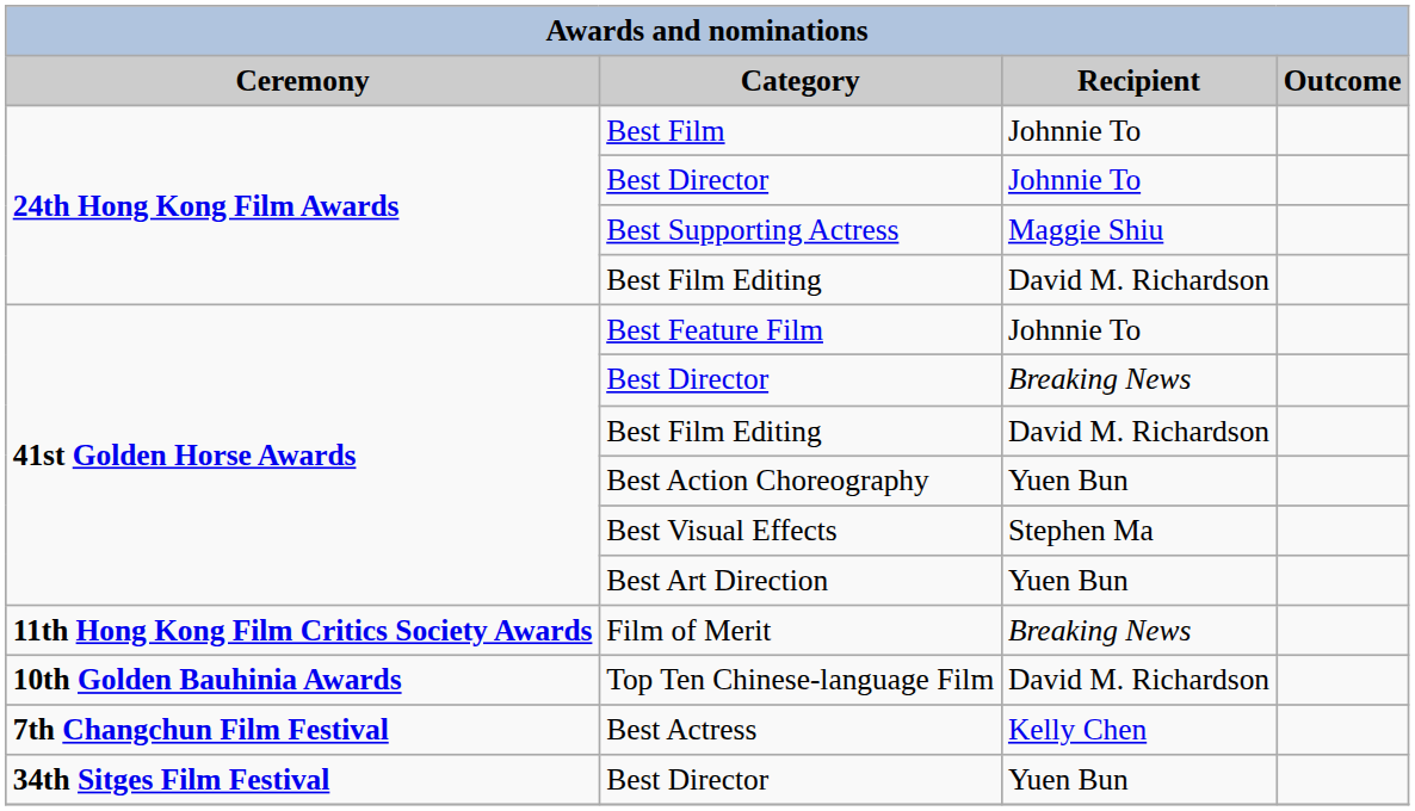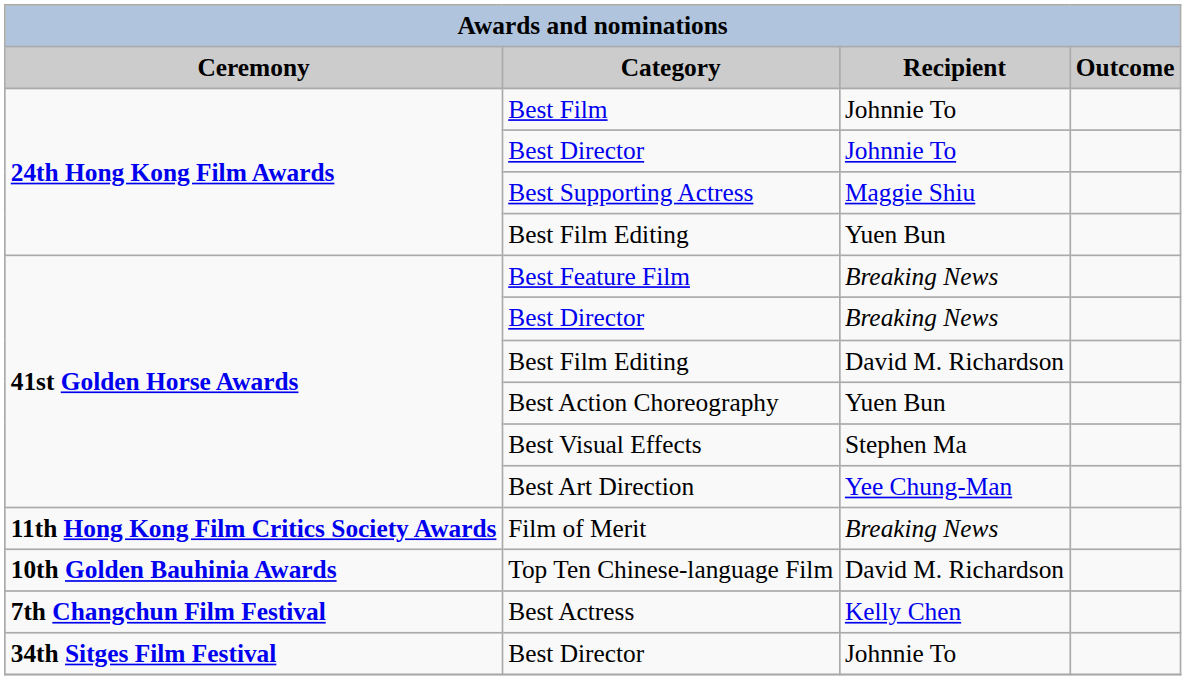 <table class="wikitable" style="font-size:95%;" ;>
 <tr style="background:#ccc; text-align:center;">
 <th colspan="4" style="background: LightSteelBlue;">Awards and nominations</th>
 </tr>
 <tr style="background:#ccc; text-align:center;">
 <th style="background:#ccc">Ceremony</th>
 <th style="background:#ccc">Category</th>
 <th style="background:#ccc">Recipient</th>
 <th style="background:#ccc">Outcome</th>
 </tr>
 <tr>
 <td rowspan=4><strong><a href='#'>24th Hong Kong Film Awards</a></strong></td>
 <td><a href='#'>Best Film</a></td>
 <td>Johnnie To</td>
 <td></td>
 </tr>
 <tr>
 <td><a href='#'>Best Director</a></td>
 <td><a href='#'>Johnnie To</a></td>
 <td></td>
 </tr>
 <tr>
 <td><a href='#'>Best Supporting Actress</a></td>
 <td><a href='#'>Maggie Shiu</a></td>
 <td></td>
 </tr>
 <tr>
 <td>Best Film Editing</td>
-<td>David M. Richardson</td>
+<td>Yuen Bun</td>
 <td></td>
 </tr>
 <tr>
 <td rowspan=6><strong>41st <a href='#'>Golden Horse Awards</a></strong></td>
 <td><a href='#'>Best Feature Film</a></td>
-<td>Johnnie To</td>
+<td><em>Breaking News</em></td>
 <td></td>
 </tr>
 <tr>
 <td><a href='#'>Best Director</a></td>
 <td><em>Breaking News</em></td>
 <td></td>
 </tr>
 <tr>
 <td>Best Film Editing</td>
 <td>David M. Richardson</td>
 <td></td>
 </tr>
 <tr>
 <td>Best Action Choreography</td>
 <td>Yuen Bun</td>
 <td></td>
 </tr>
 <tr>
 <td>Best Visual Effects</td>
 <td>Stephen Ma</td>
 <td></td>
 </tr>
 <tr>
 <td>Best Art Direction</td>
-<td>Yuen Bun</td>
+<td><a href='#'>Yee Chung-Man</a></td>
 <td></td>
 </tr>
 <tr>
 <td><strong>11th <a href='#'>Hong Kong Film Critics Society Awards</a></strong></td>
 <td>Film of Merit</td>
 <td><em>Breaking News</em></td>
 <td></td>
 </tr>
 <tr>
 <td><strong>10th <a href='#'>Golden Bauhinia Awards</a></strong></td>
 <td>Top Ten Chinese-language Film</td>
 <td>David M. Richardson</td>
 <td></td>
 </tr>
 <tr>
 <td><strong>7th <a href='#'>Changchun Film Festival</a></strong></td>
 <td>Best Actress</td>
 <td><a href='#'>Kelly Chen</a></td>
 <td></td>
 </tr>
 <tr>
 <td><strong>34th <a href='#'>Sitges Film Festival</a></strong></td>
 <td>Best Director</td>
-<td>Yuen Bun</td>
+<td>Johnnie To</td>
 <td></td>
 </tr>
 <tr>
 </tr>
 </table>
